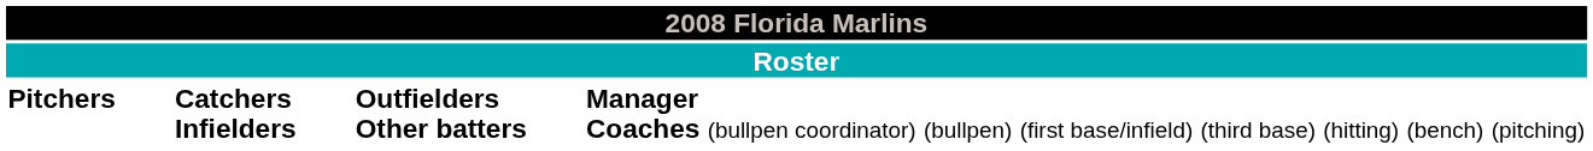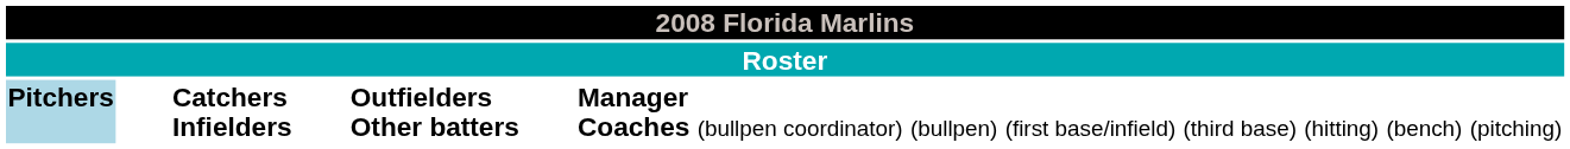 <table class="toccolours" style="font-size: 95%;">
 <tr>
 <th colspan="10" style="background-color: #000000; color: #C9C0BB; text-align: center;">2008 Florida Marlins</th>
 </tr>
 <tr>
 <td colspan="10" style="background-color: #00a8b0; color: #FFFFFF; text-align: center;"><strong>Roster</strong></td>
 </tr>
 <tr>
-<td valign="top"><strong>Pitchers</strong><br>                     </td>
+<td valign="top" style="background: lightblue;"><strong>Pitchers</strong><br>                     </td>
 <td width="25px"></td>
 <td valign="top"><strong>Catchers</strong><br>     <strong>Infielders</strong>        </td>
 <td width="25px"></td>
 <td valign="top"><strong>Outfielders</strong><br>         <strong>Other batters</strong> </td>
 <td width="25px"></td>
 <td valign="top"><strong>Manager</strong><br> <strong>Coaches</strong>  <small>(bullpen coordinator)</small>  <small>(bullpen)</small>  <small>(first base/infield)</small>  <small>(third base)</small>  <small>(hitting)</small>  <small>(bench)</small>  <small>(pitching)</small></td>
 </tr>
 </table>
